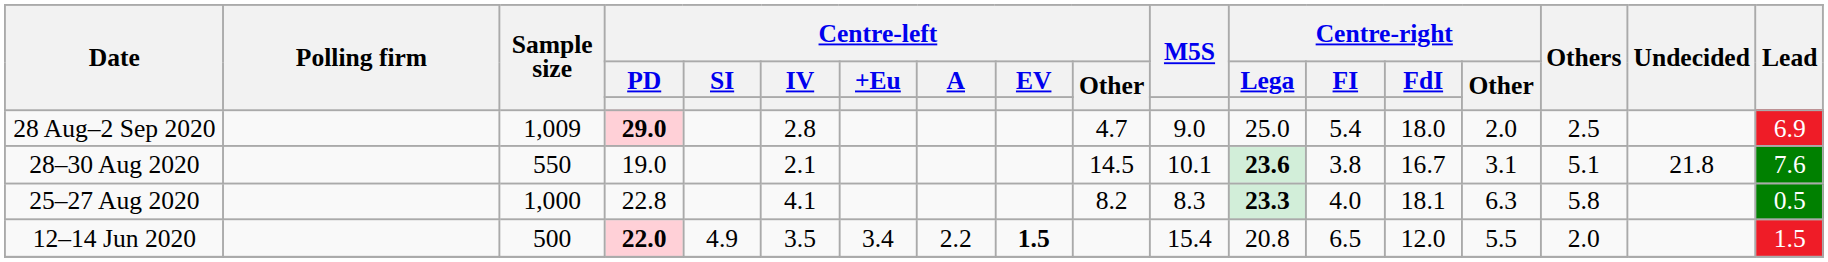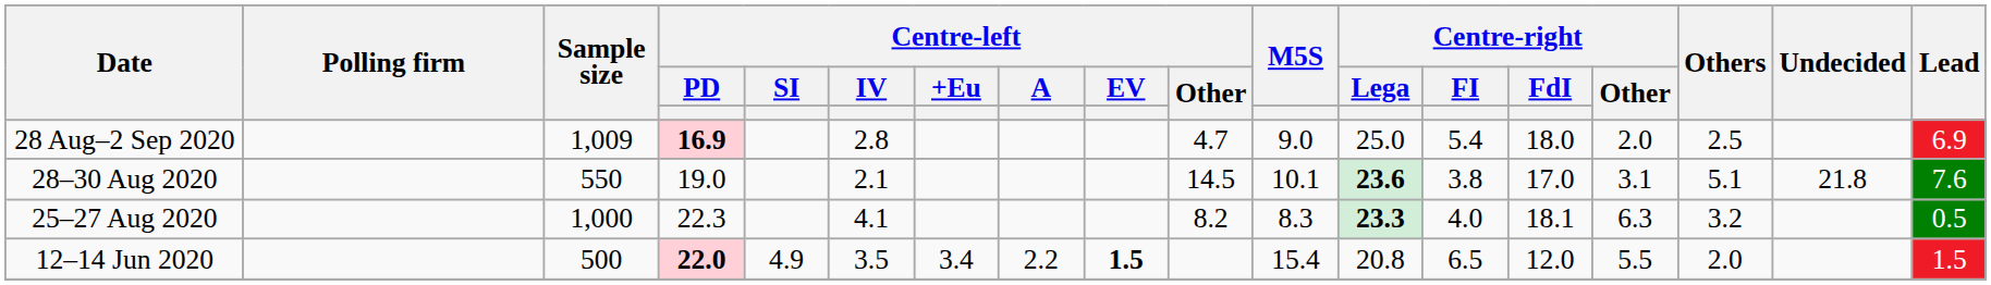 <table class="wikitable collapsible collapsed" style="text-align:center;font-size:85%;line-height:13px">
 <tr style="height:30px; background-color:#E9E9E9">
 <th style="width:110px;" rowspan="3">Date</th>
 <th style="width:140px;" rowspan="3">Polling firm</th>
 <th style="width:50px;" rowspan="3">Sample size</th>
 <th colspan="7" style="width:35px;"><a href='#'>Centre-left</a></th>
 <th rowspan="2" style="width:35px;"><a href='#'>M5S</a></th>
 <th colspan="4" style="width:35px;"><a href='#'>Centre-right</a></th>
 <th style="width:35px;" rowspan="3">Others</th>
 <th style="width:35px;" rowspan="3">Undecided</th>
 <th style="width:25px;" rowspan="3">Lead</th>
 </tr>
 <tr>
 <th style="width:35px;"><a href='#'>PD</a></th>
 <th style="width:35px;"><a href='#'>SI</a></th>
 <th style="width:35px;"><a href='#'>IV</a></th>
 <th style="width:35px;"><a href='#'>+Eu</a></th>
 <th style="width:35px;"><a href='#'>A</a></th>
 <th style="width:35px;"><a href='#'>EV</a></th>
 <th rowspan="2" style="width:35px;">Other</th>
 <th style="width:35px;"><a href='#'>Lega</a></th>
 <th style="width:35px;"><a href='#'>FI</a></th>
 <th style="width:35px;"><a href='#'>FdI</a></th>
 <th rowspan="2" style="width:35px;">Other</th>
 </tr>
 <tr>
 <th style="background:"></th>
 <th style="background:"></th>
 <th style="background:"></th>
 <th style="background:"></th>
 <th style="background:"></th>
 <th style="background:"></th>
 <th style="background:"></th>
 <th style="background:"></th>
 <th style="background:"></th>
 <th style="background:"></th>
 </tr>
 <tr>
 <td>28 Aug–2 Sep 2020</td>
 <td></td>
 <td>1,009</td>
-<td style="background:#FFD0D7"><strong>29.0</strong></td>
+<td style="background:#FFD0D7"><strong>16.9</strong></td>
 <td></td>
 <td>2.8</td>
 <td></td>
 <td></td>
 <td></td>
 <td>4.7</td>
 <td>9.0</td>
 <td>25.0</td>
 <td>5.4</td>
 <td>18.0</td>
 <td>2.0</td>
 <td>2.5</td>
 <td></td>
 <td style="background:#EF1C27; color:white;">6.9</td>
 </tr>
 <tr>
 <td>28–30 Aug 2020</td>
 <td></td>
 <td>550</td>
 <td>19.0</td>
 <td></td>
 <td>2.1</td>
 <td></td>
 <td></td>
 <td></td>
 <td>14.5</td>
 <td>10.1</td>
 <td style="background:#D2EED9"><strong>23.6</strong></td>
 <td>3.8</td>
-<td>16.7</td>
+<td>17.0</td>
 <td>3.1</td>
 <td>5.1</td>
 <td>21.8</td>
 <td style="background:#008000; color:white;">7.6</td>
 </tr>
 <tr>
 <td>25–27 Aug 2020</td>
 <td></td>
 <td>1,000</td>
-<td>22.8</td>
+<td>22.3</td>
 <td></td>
 <td>4.1</td>
 <td></td>
 <td></td>
 <td></td>
 <td>8.2</td>
 <td>8.3</td>
 <td style="background:#D2EED9"><strong>23.3</strong></td>
 <td>4.0</td>
 <td>18.1</td>
 <td>6.3</td>
-<td>5.8</td>
+<td>3.2</td>
 <td></td>
 <td style="background:#008000; color:white;">0.5</td>
 </tr>
 <tr>
 <td>12–14 Jun 2020</td>
 <td> </td>
 <td>500</td>
 <td style="background:#FFD0D7"><strong>22.0</strong></td>
 <td>4.9</td>
 <td>3.5</td>
 <td>3.4</td>
 <td>2.2</td>
 <td><strong>1.5</strong></td>
 <td></td>
 <td>15.4</td>
 <td>20.8</td>
 <td>6.5</td>
 <td>12.0</td>
 <td>5.5</td>
 <td>2.0</td>
 <td></td>
 <td style="background:#EF1C27; color:white;">1.5</td>
 </tr>
 <tr>
 </tr>
 </table>
